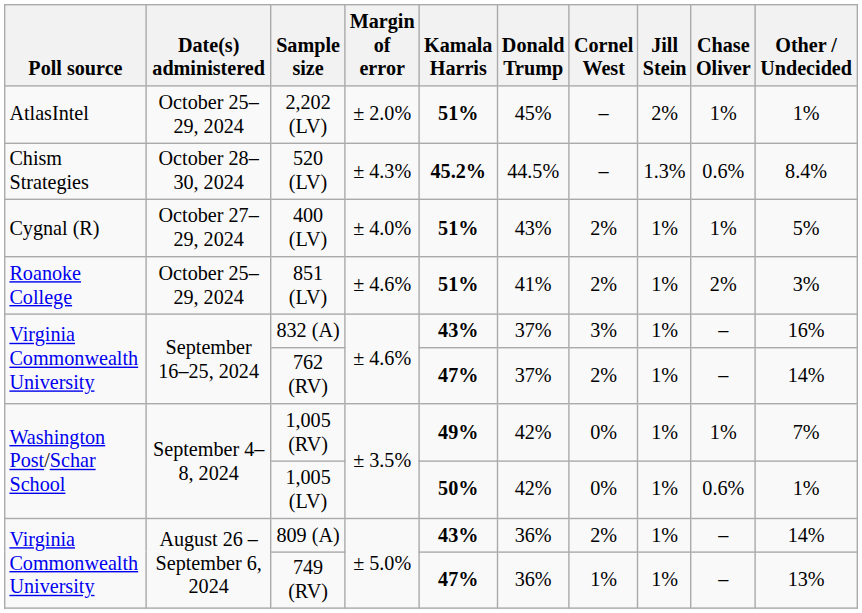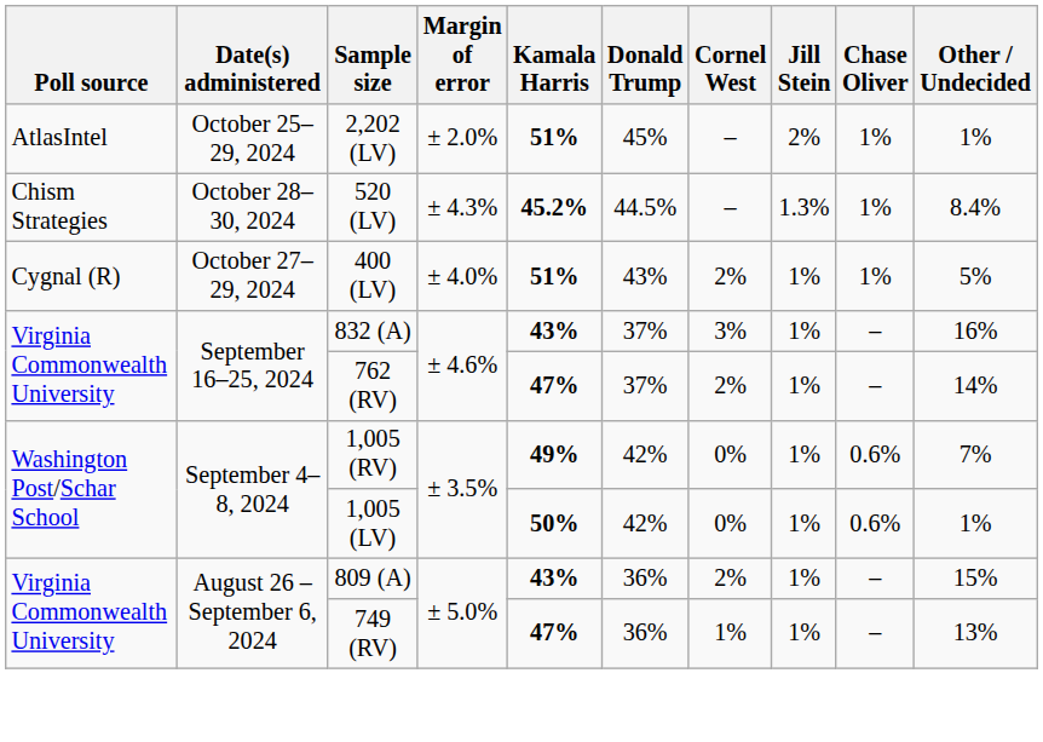 <table class="wikitable sortable mw-datatable" style="font-size:90%;text-align:center;line-height:17px">
 <tr valign=bottom>
 <th>Poll source</th>
 <th>Date(s)<br>administered</th>
 <th>Sample<br>size</th>
 <th>Margin<br>of error</th>
 <th class="unsortable">Kamala<br>Harris<br></th>
 <th class="unsortable">Donald<br>Trump<br></th>
 <th class="unsortable">Cornel<br>West<br></th>
 <th class="unsortable">Jill<br>Stein<br></th>
 <th class="unsortable">Chase<br>Oliver<br></th>
 <th class="unsortable">Other /<br>Undecided</th>
 </tr>
 <tr>
 <td style="text-align:left;">AtlasIntel</td>
 <td>October 25–29, 2024</td>
 <td>2,202 (LV)</td>
 <td>± 2.0%</td>
 <td style="color:black;background-color:"><strong>51%</strong></td>
 <td>45%</td>
 <td>–</td>
 <td>2%</td>
 <td>1%</td>
 <td>1%</td>
 </tr>
 <tr>
 <td style="text-align:left;">Chism Strategies</td>
 <td>October 28–30, 2024</td>
 <td>520 (LV)</td>
 <td>± 4.3%</td>
 <td style="color:black;background-color:"><strong>45.2%</strong></td>
 <td>44.5%</td>
 <td>–</td>
 <td>1.3%</td>
-<td>0.6%</td>
+<td>1%</td>
 <td>8.4%</td>
 </tr>
 <tr>
 <td style="text-align:left;">Cygnal (R)</td>
 <td>October 27–29, 2024</td>
 <td>400 (LV)</td>
 <td>± 4.0%</td>
 <td style="color:black;background-color:"><strong>51%</strong></td>
 <td>43%</td>
 <td>2%</td>
 <td>1%</td>
 <td>1%</td>
 <td>5%</td>
-</tr>
-<tr>
-<td style="text-align:left;"><a href='#'>Roanoke College</a></td>
-<td>October 25–29, 2024</td>
-<td>851 (LV)</td>
-<td>± 4.6%</td>
-<td style="color:black;background-color:"><strong>51%</strong></td>
-<td>41%</td>
-<td>2%</td>
-<td>1%</td>
-<td>2%</td>
-<td>3%</td>
 </tr>
 <tr>
 <td style="text-align:left;" rowspan="2"><a href='#'>Virginia Commonwealth University</a></td>
 <td rowspan="2">September 16–25, 2024</td>
 <td>832 (A)</td>
 <td rowspan="2">± 4.6%</td>
 <td style="color:black;background-color:"><strong>43%</strong></td>
 <td>37%</td>
 <td>3%</td>
 <td>1%</td>
 <td>–</td>
 <td>16%</td>
 </tr>
 <tr>
 <td>762 (RV)</td>
 <td style="color:black;background-color:"><strong>47%</strong></td>
 <td>37%</td>
 <td>2%</td>
 <td>1%</td>
 <td>–</td>
 <td>14%</td>
 </tr>
 <tr>
 <td style="text-align:left;" rowspan="2"><a href='#'>Washington Post</a>/<a href='#'>Schar School</a></td>
 <td rowspan="2">September 4–8, 2024</td>
 <td>1,005 (RV)</td>
 <td rowspan="2">± 3.5%</td>
 <td style="color:black;background-color:"><strong>49%</strong></td>
 <td>42%</td>
 <td>0%</td>
 <td>1%</td>
-<td>1%</td>
+<td>0.6%</td>
 <td>7%</td>
 </tr>
 <tr>
 <td>1,005 (LV)</td>
 <td style="color:black;background-color:"><strong>50%</strong></td>
 <td>42%</td>
 <td>0%</td>
 <td>1%</td>
 <td>0.6%</td>
 <td>1%</td>
 </tr>
 <tr>
 <td style="text-align:left;" rowspan="2"><a href='#'>Virginia Commonwealth University</a></td>
 <td rowspan="2">August 26 – September 6, 2024</td>
 <td>809 (A)</td>
 <td rowspan="2">± 5.0%</td>
 <td style="color:black;background-color:"><strong>43%</strong></td>
 <td>36%</td>
 <td>2%</td>
 <td>1%</td>
 <td>–</td>
-<td>14%</td>
+<td>15%</td>
 </tr>
 <tr>
 <td>749 (RV)</td>
 <td style="color:black;background-color:"><strong>47%</strong></td>
 <td>36%</td>
 <td>1%</td>
 <td>1%</td>
 <td>–</td>
 <td>13%</td>
 </tr>
 </table>
